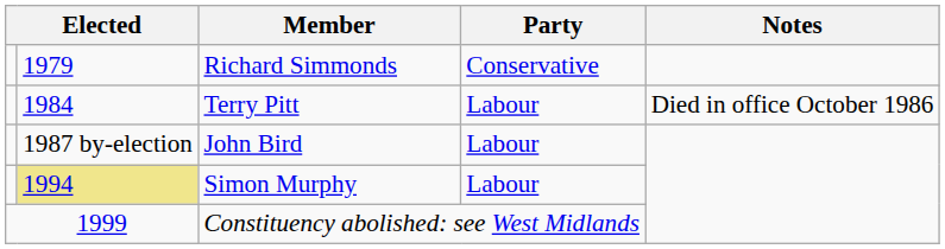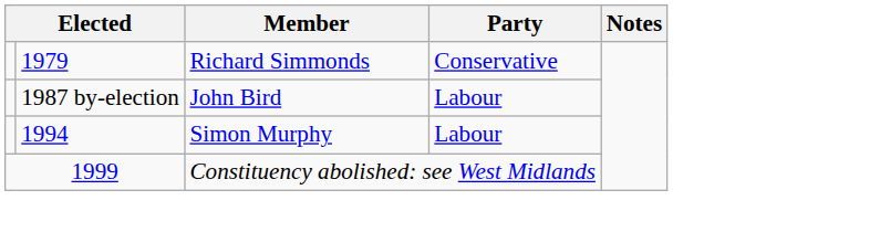 <table class="wikitable">
 <tr>
 <th colspan = "2">Elected</th>
 <th>Member</th>
 <th>Party</th>
 <th>Notes</th>
 </tr>
 <tr>
 <td style="background-color: "></td>
 <td><a href='#'>1979</a></td>
 <td><a href='#'>Richard Simmonds</a></td>
 <td><a href='#'>Conservative</a></td>
 </tr>
 <tr>
 <td style="background-color: "></td>
-<td><a href='#'>1984</a></td>
-<td><a href='#'>Terry Pitt</a></td>
-<td><a href='#'>Labour</a></td>
-<td>Died in office October 1986</td>
-</tr>
-<tr>
-<td style="background-color: "></td>
 <td>1987 by-election</td>
 <td><a href='#'>John Bird</a></td>
 <td><a href='#'>Labour</a></td>
 </tr>
 <tr>
 <td style="background-color: "></td>
-<td style="background: khaki;"><a href='#'>1994</a></td>
+<td><a href='#'>1994</a></td>
 <td><a href='#'>Simon Murphy</a></td>
 <td><a href='#'>Labour</a></td>
 </tr>
 <tr>
 <td colspan="2" align="center"><a href='#'>1999</a></td>
 <td colspan="2"><em>Constituency abolished: see <a href='#'>West Midlands</a></em></td>
 </tr>
 </table>
